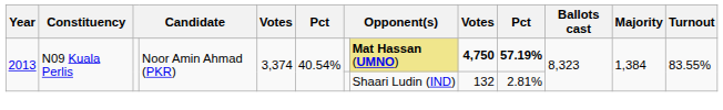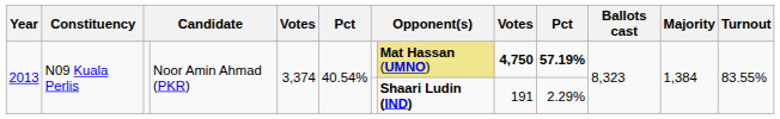 <table class="wikitable" style="margin:0.5em ; font-size:95%">
 <tr>
 <th>Year</th>
 <th>Constituency</th>
 <th colspan=2>Candidate</th>
 <th>Votes</th>
 <th>Pct</th>
 <th colspan=2>Opponent(s)</th>
 <th>Votes</th>
 <th>Pct</th>
 <th>Ballots cast</th>
 <th>Majority</th>
 <th>Turnout</th>
 </tr>
 <tr>
 <td rowspan=2><a href='#'>2013</a></td>
 <td rowspan=2>N09 <a href='#'>Kuala Perlis</a></td>
 <td rowspan=2 ></td>
 <td rowspan=2>Noor Amin Ahmad (<a href='#'>PKR</a>)</td>
 <td rowspan=2 align="right">3,374</td>
 <td rowspan=2>40.54%</td>
 <td></td>
 <td style="background: khaki;"><strong>Mat Hassan</strong> (<a href='#'><strong>UMNO</strong></a>)</td>
 <td align="right"><strong>4,750</strong></td>
 <td><strong>57.19%</strong></td>
 <td rowspan=2>8,323</td>
 <td rowspan=2>1,384</td>
 <td rowspan=2>83.55%</td>
 </tr>
 <tr>
 <td></td>
-<td>Shaari Ludin (<a href='#'>IND</a>)</td>
-<td align="right">132</td>
-<td align=right>2.81%</td>
+<td><strong>Shaari Ludin (<a href='#'>IND</a>)</strong></td>
+<td align="right">191</td>
+<td align=right>2.29%</td>
 </tr>
 </table>
